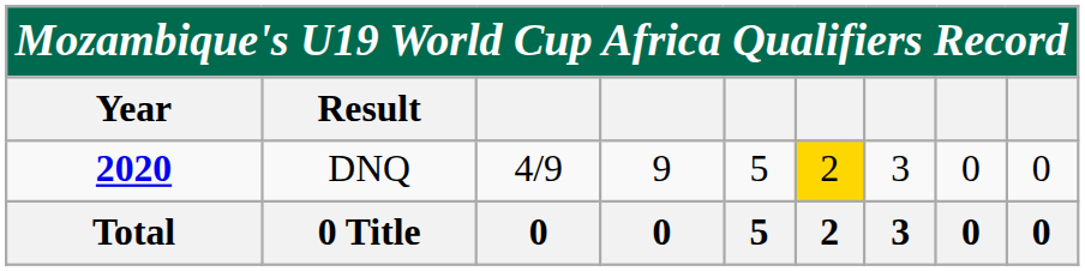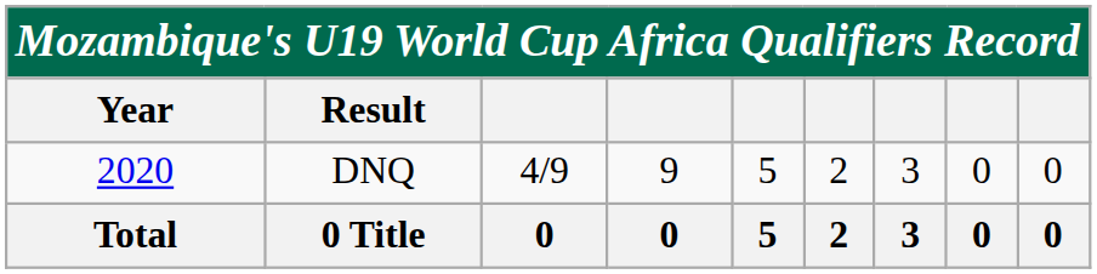 <table class="wikitable" style="font-size:90%; text-align:center">
 <tr>
 <th style="color:white; background:#006A4E;" colspan=9><strong><em><big>Mozambique's U19 World Cup Africa Qualifiers Record</big></em></strong></th>
 </tr>
 <tr>
 <th width="90">Year</th>
 <th>Result</th>
 <th width="40"></th>
 <th width="40"></th>
 <th width="20"></th>
 <th width="20"></th>
 <th width="20"></th>
 <th width="20"></th>
 <th width="20"></th>
 </tr>
 <tr>
-<td><strong> <a href='#'>2020</a></strong></td>
+<td> <a href='#'>2020</a></td>
 <td>DNQ</td>
 <td>4/9</td>
 <td>9</td>
 <td>5</td>
-<td style="background: gold;">2</td>
+<td>2</td>
 <td>3</td>
 <td>0</td>
 <td>0</td>
 </tr>
 <tr>
 <th>Total</th>
 <th>0 Title</th>
 <th>0</th>
 <th>0</th>
 <th>5</th>
 <th>2</th>
 <th>3</th>
 <th>0</th>
 <th>0</th>
 </tr>
 </table>
